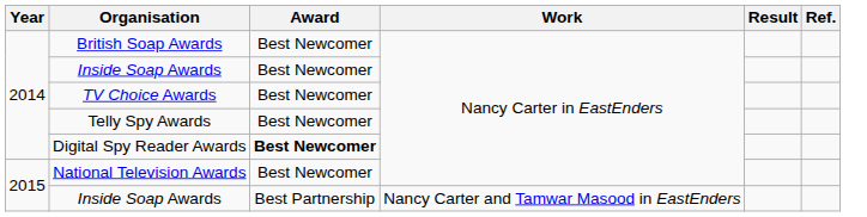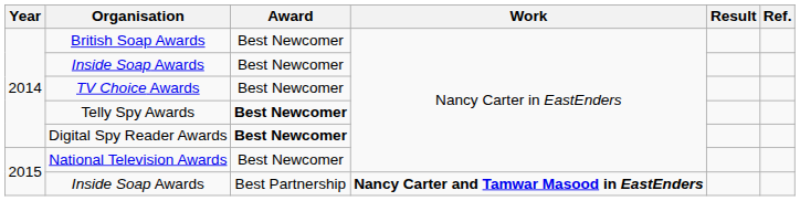 <table class="wikitable plainrowheaders" style="text-align:center;">
 <tr>
 <th>Year</th>
 <th>Organisation</th>
 <th>Award</th>
 <th>Work</th>
 <th>Result</th>
 <th>Ref.</th>
 </tr>
 <tr>
 <td rowspan="5">2014</td>
 <td><a href='#'>British Soap Awards</a></td>
 <td>Best Newcomer</td>
 <td rowspan="6">Nancy Carter in <em>EastEnders</em></td>
 <td></td>
 <td></td>
 </tr>
 <tr>
 <td><a href='#'><em>Inside Soap</em> Awards</a></td>
 <td>Best Newcomer</td>
 <td></td>
 <td></td>
 </tr>
 <tr>
 <td><a href='#'><em>TV Choice</em> Awards</a></td>
 <td>Best Newcomer</td>
 <td></td>
 <td></td>
 </tr>
 <tr>
 <td>Telly Spy Awards</td>
-<td>Best Newcomer</td>
+<td><strong>Best Newcomer</strong></td>
 <td></td>
 <td></td>
 </tr>
 <tr>
 <td>Digital Spy Reader Awards</td>
 <td><strong>Best Newcomer</strong></td>
 <td></td>
 <td></td>
 </tr>
 <tr>
 <td rowspan="2">2015</td>
 <td><a href='#'>National Television Awards</a></td>
 <td>Best Newcomer</td>
 <td></td>
 <td></td>
 </tr>
 <tr>
 <td><em>Inside Soap</em> Awards</td>
 <td>Best Partnership</td>
-<td>Nancy Carter and <a href='#'>Tamwar Masood</a> in <em>EastEnders</em></td>
+<td><strong>Nancy Carter and <a href='#'>Tamwar Masood</a> in <em>EastEnders</em></strong></td>
 <td></td>
 <td></td>
 </tr>
 </table>
